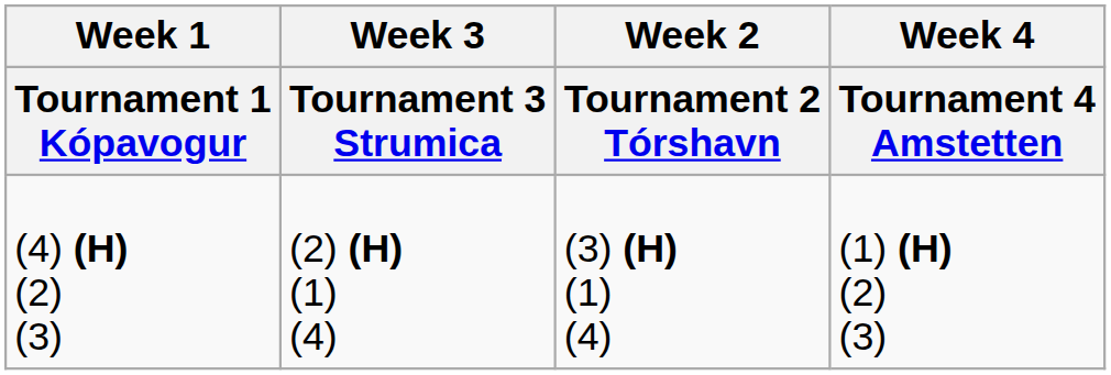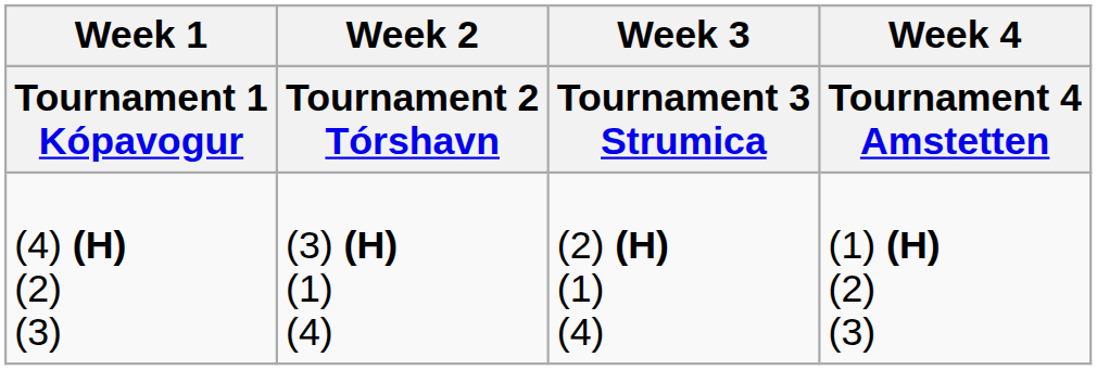 <table class="wikitable">
 <tr>
 <th>Week 1</th>
+<th>Week 2</th>
 <th>Week 3</th>
-<th>Week 2</th>
 <th>Week 4</th>
 </tr>
 <tr>
 <th width=25%>Tournament 1<br> <a href='#'>Kópavogur</a></th>
+<th width=25%>Tournament 2<br> <a href='#'>Tórshavn</a></th>
 <th width=25%>Tournament 3<br> <a href='#'>Strumica</a></th>
-<th width=25%>Tournament 2<br> <a href='#'>Tórshavn</a></th>
 <th width=25%>Tournament 4<br> <a href='#'>Amstetten</a></th>
 </tr>
 <tr>
 <td><br> (4) <strong>(H)</strong><br>  (2)<br>  (3)</td>
+<td><br> (3) <strong>(H)</strong><br>  (1)<br>  (4)</td>
 <td><br> (2) <strong>(H)</strong><br>  (1)<br>  (4)</td>
-<td><br> (3) <strong>(H)</strong><br>  (1)<br>  (4)</td>
 <td><br> (1) <strong>(H)</strong><br>  (2)<br>  (3)</td>
 </tr>
 </table>
